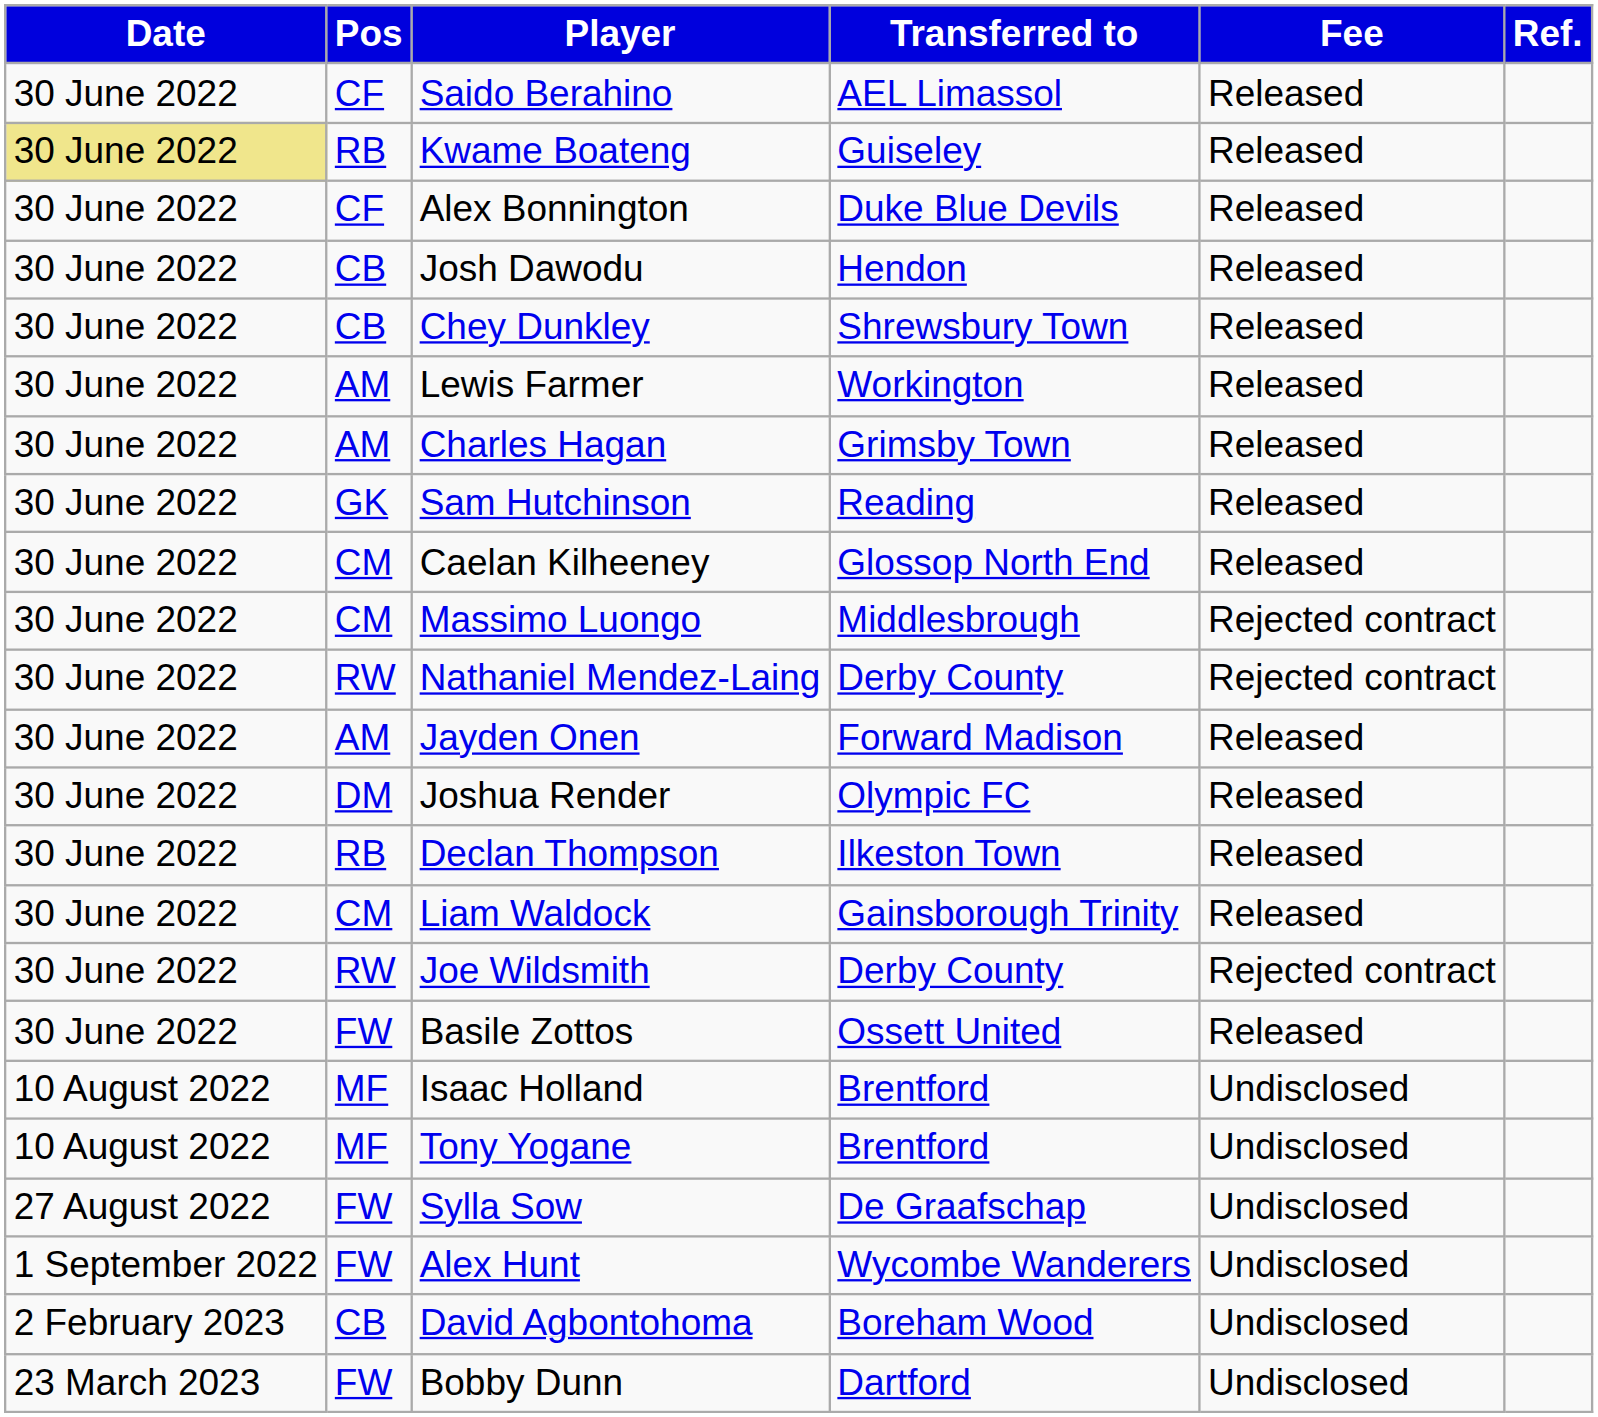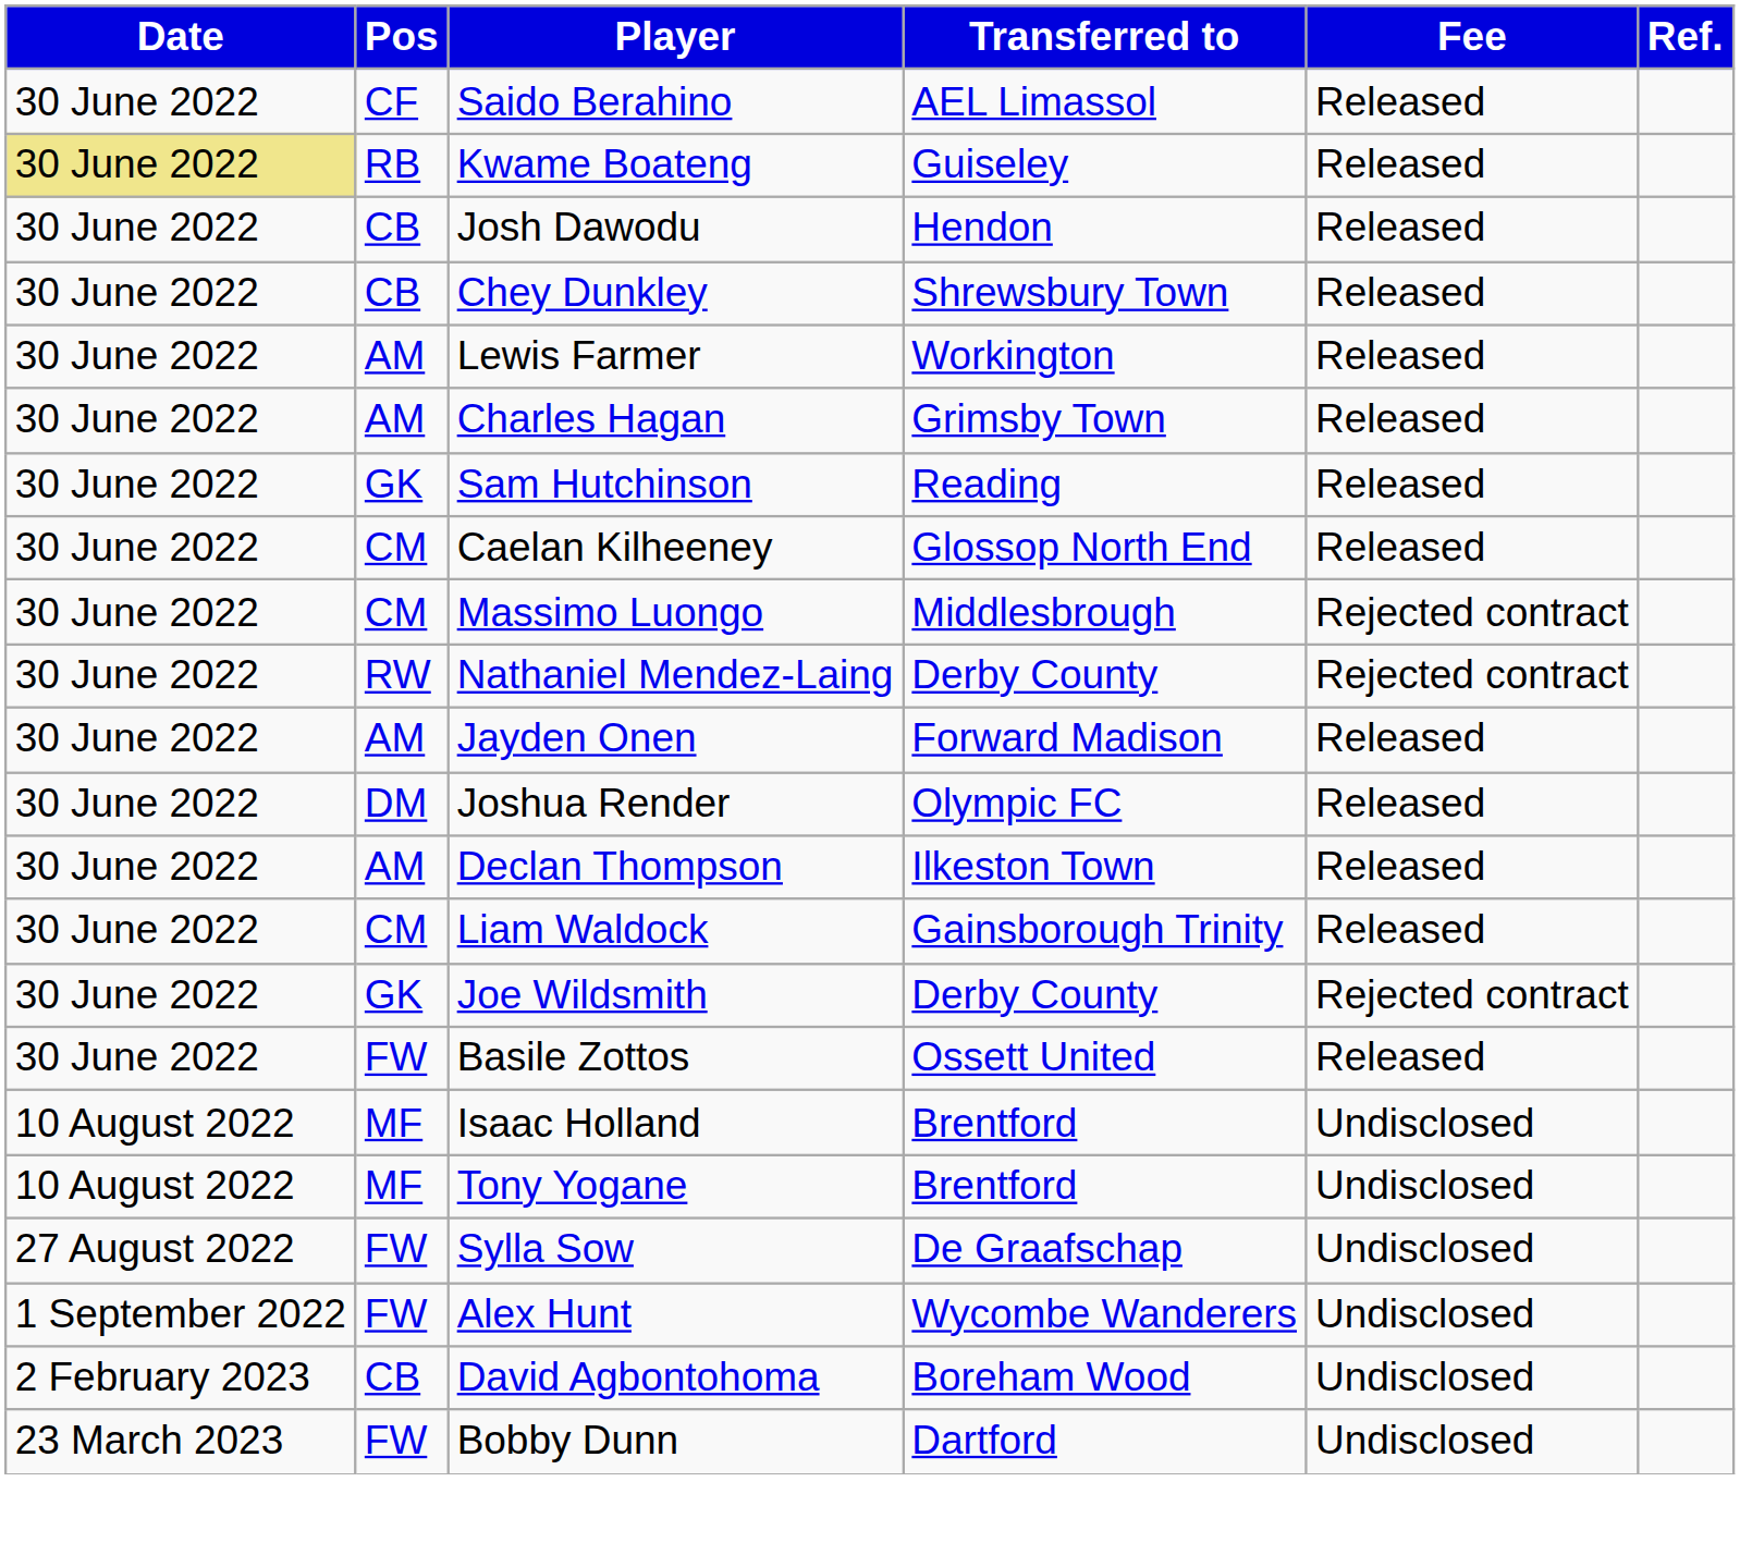 <table class="wikitable plainrowheaders sortable">
 <tr>
 <th style="background:#0000DD; color:#FFFFFF; ">Date</th>
 <th style="background:#0000DD; color:#FFFFFF; ">Pos</th>
 <th style="background:#0000DD; color:#FFFFFF; ">Player</th>
 <th style="background:#0000DD; color:#FFFFFF; ">Transferred to</th>
 <th style="background:#0000DD; color:#FFFFFF; ">Fee</th>
 <th style="background:#0000DD; color:#FFFFFF; ">Ref.</th>
 </tr>
 <tr>
 <td>30 June 2022</td>
 <td><a href='#'>CF</a></td>
 <td> <a href='#'>Saido Berahino</a></td>
 <td> <a href='#'>AEL Limassol</a></td>
 <td>Released</td>
 <td></td>
 </tr>
 <tr>
 <td style="background: khaki;">30 June 2022</td>
 <td><a href='#'>RB</a></td>
 <td> <a href='#'>Kwame Boateng</a></td>
 <td> <a href='#'>Guiseley</a></td>
-<td>Released</td>
-<td></td>
-</tr>
-<tr>
-<td>30 June 2022</td>
-<td><a href='#'>CF</a></td>
-<td> Alex Bonnington</td>
-<td> <a href='#'>Duke Blue Devils</a></td>
 <td>Released</td>
 <td></td>
 </tr>
 <tr>
 <td>30 June 2022</td>
 <td><a href='#'>CB</a></td>
 <td> Josh Dawodu</td>
 <td> <a href='#'>Hendon</a></td>
 <td>Released</td>
 <td></td>
 </tr>
 <tr>
 <td>30 June 2022</td>
 <td><a href='#'>CB</a></td>
 <td> <a href='#'>Chey Dunkley</a></td>
 <td> <a href='#'>Shrewsbury Town</a></td>
 <td>Released</td>
 <td></td>
 </tr>
 <tr>
 <td>30 June 2022</td>
 <td><a href='#'>AM</a></td>
 <td> Lewis Farmer</td>
 <td> <a href='#'>Workington</a></td>
 <td>Released</td>
 <td></td>
 </tr>
 <tr>
 <td>30 June 2022</td>
 <td><a href='#'>AM</a></td>
 <td> <a href='#'>Charles Hagan</a></td>
 <td> <a href='#'>Grimsby Town</a></td>
 <td>Released</td>
 <td></td>
 </tr>
 <tr>
 <td>30 June 2022</td>
 <td><a href='#'>GK</a></td>
 <td> <a href='#'>Sam Hutchinson</a></td>
 <td> <a href='#'>Reading</a></td>
 <td>Released</td>
 <td></td>
 </tr>
 <tr>
 <td>30 June 2022</td>
 <td><a href='#'>CM</a></td>
 <td> Caelan Kilheeney</td>
 <td> <a href='#'>Glossop North End</a></td>
 <td>Released</td>
 <td></td>
 </tr>
 <tr>
 <td>30 June 2022</td>
 <td><a href='#'>CM</a></td>
 <td> <a href='#'>Massimo Luongo</a></td>
 <td> <a href='#'>Middlesbrough</a></td>
 <td>Rejected contract</td>
 <td></td>
 </tr>
 <tr>
 <td>30 June 2022</td>
 <td><a href='#'>RW</a></td>
 <td> <a href='#'>Nathaniel Mendez-Laing</a></td>
 <td> <a href='#'>Derby County</a></td>
 <td>Rejected contract</td>
 <td></td>
 </tr>
 <tr>
 <td>30 June 2022</td>
 <td><a href='#'>AM</a></td>
 <td> <a href='#'>Jayden Onen</a></td>
 <td> <a href='#'>Forward Madison</a></td>
 <td>Released</td>
 <td></td>
 </tr>
 <tr>
 <td>30 June 2022</td>
 <td><a href='#'>DM</a></td>
 <td> Joshua Render</td>
 <td> <a href='#'>Olympic FC</a></td>
 <td>Released</td>
 <td></td>
 </tr>
 <tr>
 <td>30 June 2022</td>
-<td><a href='#'>RB</a></td>
+<td><a href='#'>AM</a></td>
 <td> <a href='#'>Declan Thompson</a></td>
 <td> <a href='#'>Ilkeston Town</a></td>
 <td>Released</td>
 <td></td>
 </tr>
 <tr>
 <td>30 June 2022</td>
 <td><a href='#'>CM</a></td>
 <td> <a href='#'>Liam Waldock</a></td>
 <td> <a href='#'>Gainsborough Trinity</a></td>
 <td>Released</td>
 <td></td>
 </tr>
 <tr>
 <td>30 June 2022</td>
-<td><a href='#'>RW</a></td>
+<td><a href='#'>GK</a></td>
 <td> <a href='#'>Joe Wildsmith</a></td>
 <td> <a href='#'>Derby County</a></td>
 <td>Rejected contract</td>
 <td></td>
 </tr>
 <tr>
 <td>30 June 2022</td>
 <td><a href='#'>FW</a></td>
 <td> Basile Zottos</td>
 <td> <a href='#'>Ossett United</a></td>
 <td>Released</td>
 <td></td>
 </tr>
 <tr>
 <td>10 August 2022</td>
 <td><a href='#'>MF</a></td>
 <td> Isaac Holland</td>
 <td> <a href='#'>Brentford</a></td>
 <td>Undisclosed</td>
 <td></td>
 </tr>
 <tr>
 <td>10 August 2022</td>
 <td><a href='#'>MF</a></td>
 <td> <a href='#'>Tony Yogane</a></td>
 <td> <a href='#'>Brentford</a></td>
 <td>Undisclosed</td>
 <td></td>
 </tr>
 <tr>
 <td>27 August 2022</td>
 <td><a href='#'>FW</a></td>
 <td> <a href='#'>Sylla Sow</a></td>
 <td> <a href='#'>De Graafschap</a></td>
 <td>Undisclosed</td>
 <td></td>
 </tr>
 <tr>
 <td>1 September 2022</td>
 <td><a href='#'>FW</a></td>
 <td> <a href='#'>Alex Hunt</a></td>
 <td> <a href='#'>Wycombe Wanderers</a></td>
 <td>Undisclosed</td>
 <td></td>
 </tr>
 <tr>
 <td>2 February 2023</td>
 <td><a href='#'>CB</a></td>
 <td> <a href='#'>David Agbontohoma</a></td>
 <td> <a href='#'>Boreham Wood</a></td>
 <td>Undisclosed</td>
 <td></td>
 </tr>
 <tr>
 <td>23 March 2023</td>
 <td><a href='#'>FW</a></td>
 <td> Bobby Dunn</td>
 <td> <a href='#'>Dartford</a></td>
 <td>Undisclosed</td>
 <td></td>
 </tr>
 </table>
